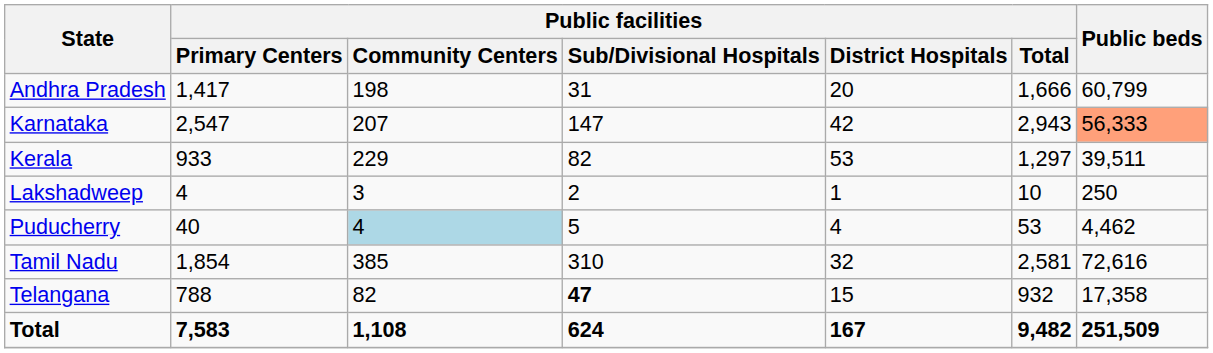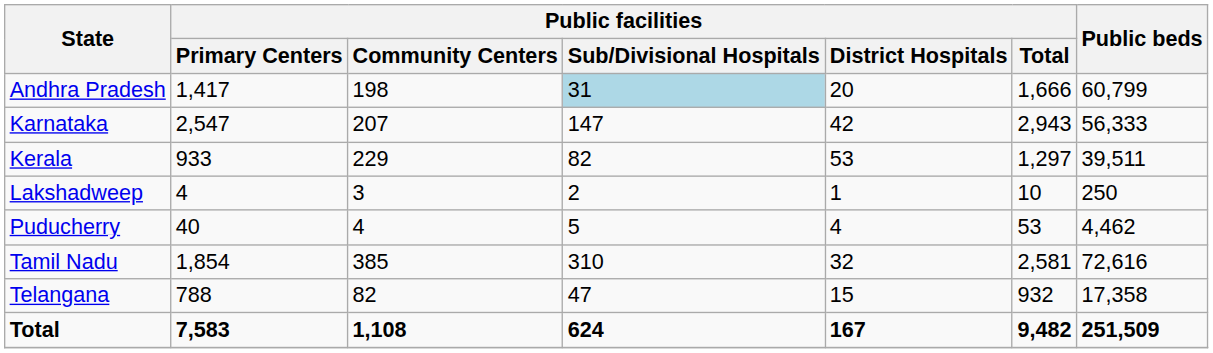 <table class="sortable wikitable" style="text-align:left;" style="font-size: 85%">
 <tr>
 <th rowspan="2">State</th>
 <th colspan="5">Public facilities</th>
 <th rowspan="2">Public beds</th>
 </tr>
 <tr>
 <th>Primary Centers</th>
 <th>Community Centers</th>
 <th>Sub/Divisional Hospitals</th>
 <th>District Hospitals</th>
 <th>Total</th>
 </tr>
 <tr>
 <td><a href='#'>Andhra Pradesh</a></td>
 <td>1,417</td>
 <td>198</td>
-<td>31</td>
+<td style="background: lightblue;">31</td>
 <td>20</td>
 <td>1,666</td>
 <td>60,799</td>
 </tr>
 <tr>
 <td><a href='#'>Karnataka</a></td>
 <td>2,547</td>
 <td>207</td>
 <td>147</td>
 <td>42</td>
 <td>2,943</td>
-<td style="background: lightsalmon;">56,333</td>
+<td>56,333</td>
 </tr>
 <tr>
 <td><a href='#'>Kerala</a></td>
 <td>933</td>
 <td>229</td>
 <td>82</td>
 <td>53</td>
 <td>1,297</td>
 <td>39,511</td>
 </tr>
 <tr>
 <td><a href='#'>Lakshadweep</a></td>
 <td>4</td>
 <td>3</td>
 <td>2</td>
 <td>1</td>
 <td>10</td>
 <td>250</td>
 </tr>
 <tr>
 <td><a href='#'>Puducherry</a></td>
 <td>40</td>
-<td style="background: lightblue;">4</td>
+<td>4</td>
 <td>5</td>
 <td>4</td>
 <td>53</td>
 <td>4,462</td>
 </tr>
 <tr>
 <td><a href='#'>Tamil Nadu</a></td>
 <td>1,854</td>
 <td>385</td>
 <td>310</td>
 <td>32</td>
 <td>2,581</td>
 <td>72,616</td>
 </tr>
 <tr>
 <td><a href='#'>Telangana</a></td>
 <td>788</td>
 <td>82</td>
-<td><strong>47</strong></td>
+<td>47</td>
 <td>15</td>
 <td>932</td>
 <td>17,358</td>
 </tr>
 <tr>
 <td><strong>Total</strong></td>
 <td><strong>7,583</strong></td>
 <td><strong>1,108</strong></td>
 <td><strong>624</strong></td>
 <td><strong>167</strong></td>
 <td><strong>9,482</strong></td>
 <td><strong>251,509</strong></td>
 </tr>
 <tr>
 </tr>
 </table>
